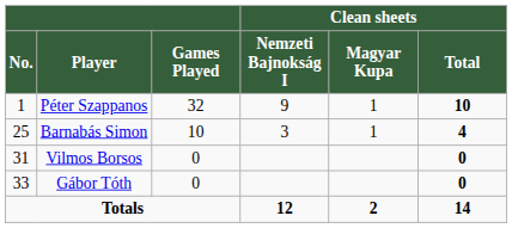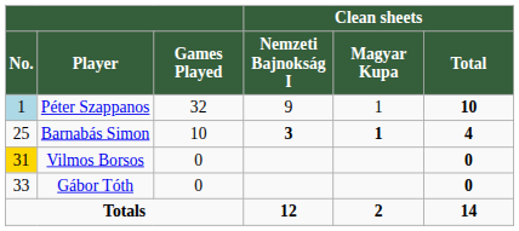 <table class="wikitable sortable alternance" style="text-align:center">
 <tr>
 <th colspan="3" style="background:#355E3B"></th>
 <th colspan="4" style="background:#355E3B;color:white">Clean sheets</th>
 </tr>
 <tr>
 <th style="background-color:#355E3B;color:white">No.</th>
 <th style="background-color:#355E3B;color:white">Player</th>
 <th width=80 style="background-color:#355E3B;color:white">Games Played</th>
 <th width=80 style="background-color:#355E3B;color:white">Nemzeti Bajnokság I</th>
 <th width=80 style="background-color:#355E3B;color:white">Magyar Kupa</th>
 <th width=80 style="background-color:#355E3B;color:white">Total</th>
 </tr>
 <tr>
-<td>1</td>
+<td style="background: lightblue;">1</td>
 <td> <a href='#'>Péter Szappanos</a></td>
 <td>32</td>
 <td>9</td>
 <td>1</td>
 <td><strong>10</strong></td>
 </tr>
 <tr>
 <td>25</td>
 <td> <a href='#'>Barnabás Simon</a></td>
 <td>10</td>
-<td>3</td>
-<td>1</td>
+<td><strong>3</strong></td>
+<td><strong>1</strong></td>
 <td><strong>4</strong></td>
 </tr>
 <tr>
-<td>31</td>
+<td style="background: gold;">31</td>
 <td> <a href='#'>Vilmos Borsos</a></td>
 <td>0</td>
 <td></td>
 <td></td>
 <td><strong>0</strong></td>
 </tr>
 <tr>
 <td>33</td>
 <td> <a href='#'>Gábor Tóth</a></td>
 <td>0</td>
 <td></td>
 <td></td>
 <td><strong>0</strong></td>
 </tr>
 <tr class="sortbottom">
 <td colspan="3"><strong>Totals</strong></td>
 <td><strong>12</strong></td>
 <td><strong>2</strong></td>
 <td><strong>14</strong></td>
 </tr>
 </table>
